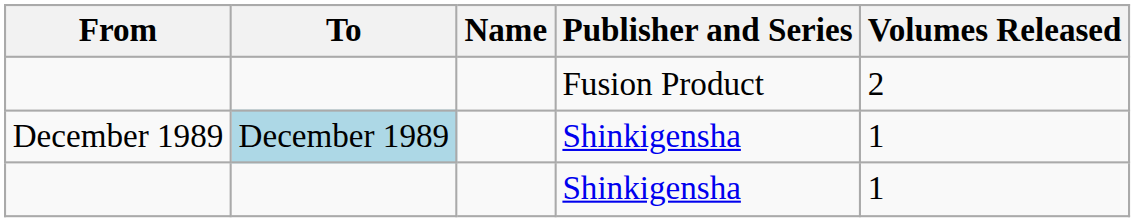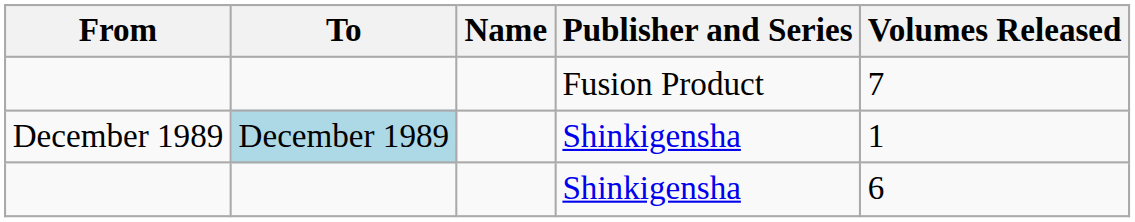 <table class="wikitable sortable">
 <tr>
 <th>From</th>
 <th>To</th>
 <th>Name</th>
 <th>Publisher and Series</th>
 <th>Volumes Released</th>
 </tr>
 <tr>
 <td></td>
 <td></td>
 <td></td>
 <td>Fusion Product</td>
-<td>2</td>
+<td>7</td>
 </tr>
 <tr>
 <td>December 1989</td>
 <td style="background: lightblue;">December 1989</td>
 <td></td>
 <td><a href='#'>Shinkigensha</a></td>
 <td>1</td>
 </tr>
 <tr>
 <td></td>
 <td></td>
 <td></td>
 <td><a href='#'>Shinkigensha</a></td>
-<td>1</td>
+<td>6</td>
 </tr>
 </table>
